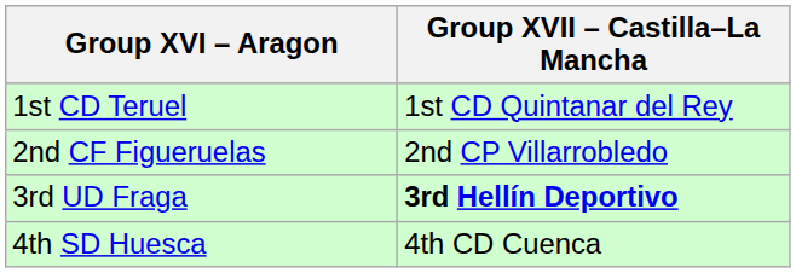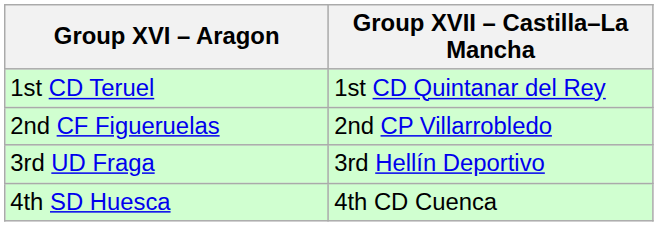 <table class="wikitable">
 <tr>
 <th width=210>Group XVI – Aragon </th>
 <th width=210>Group XVII – Castilla–La Mancha </th>
 </tr>
 <tr style="background:#D0FFD0;">
 <td>1st <a href='#'>CD Teruel</a></td>
 <td>1st <a href='#'>CD Quintanar del Rey</a></td>
 </tr>
 <tr style="background:#D0FFD0;">
 <td>2nd <a href='#'>CF Figueruelas</a></td>
 <td>2nd <a href='#'>CP Villarrobledo</a></td>
 </tr>
 <tr style="background:#D0FFD0;">
 <td>3rd <a href='#'>UD Fraga</a></td>
-<td><strong>3rd <a href='#'>Hellín Deportivo</a></strong></td>
+<td>3rd <a href='#'>Hellín Deportivo</a></td>
 </tr>
 <tr style="background:#D0FFD0;">
 <td>4th <a href='#'>SD Huesca</a></td>
 <td>4th CD Cuenca</td>
 </tr>
 </table>
